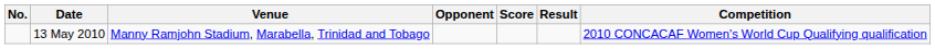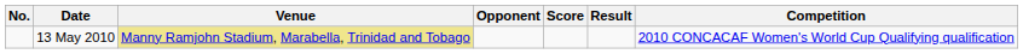 <table class="wikitable">
 <tr>
 <th>No.</th>
 <th>Date</th>
 <th>Venue</th>
 <th>Opponent</th>
 <th>Score</th>
 <th>Result</th>
 <th>Competition</th>
 </tr>
 <tr>
 <td></td>
 <td>13 May 2010</td>
-<td><a href='#'>Manny Ramjohn Stadium</a>, <a href='#'>Marabella</a>, <a href='#'>Trinidad and Tobago</a></td>
+<td style="background: khaki;"><a href='#'>Manny Ramjohn Stadium</a>, <a href='#'>Marabella</a>, <a href='#'>Trinidad and Tobago</a></td>
 <td></td>
 <td></td>
 <td></td>
 <td rowspan=2><a href='#'>2010 CONCACAF Women's World Cup Qualifying qualification</a></td>
 </tr>
 </table>
